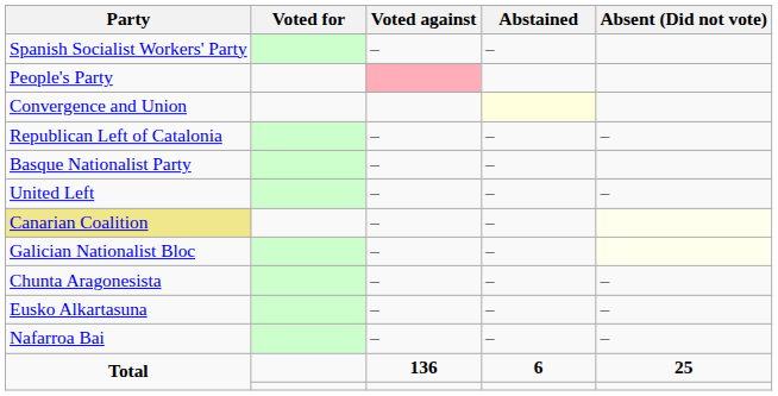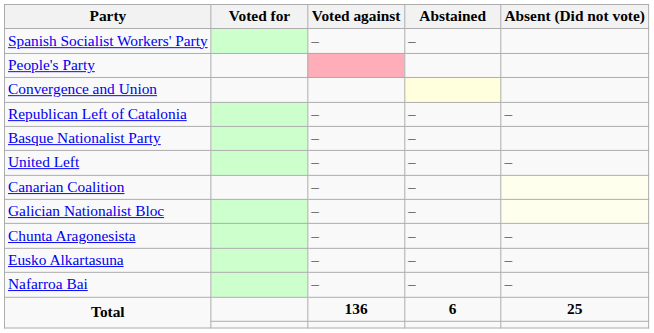 <table class="wikitable">
 <tr>
 <th>Party</th>
 <th style="width:15%;">Voted for</th>
 <th style="width:15%;">Voted against</th>
 <th style="width:15%;">Abstained</th>
 <th>Absent (Did not vote)</th>
 </tr>
 <tr>
 <td> <a href='#'>Spanish Socialist Workers' Party</a></td>
 <td style="background-color:#CCFFCC;"></td>
 <td>–</td>
 <td>–</td>
 <td></td>
 </tr>
 <tr>
 <td> <a href='#'>People's Party</a></td>
 <td></td>
 <td style="background-color:#FFAEB9;"></td>
 <td></td>
 <td></td>
 </tr>
 <tr>
 <td> <a href='#'>Convergence and Union</a></td>
 <td></td>
 <td></td>
 <td style="background-color:#FFD;"></td>
 <td></td>
 </tr>
 <tr>
 <td> <a href='#'>Republican Left of Catalonia</a></td>
 <td style="background-color:#CCFFCC;"></td>
 <td>–</td>
 <td>–</td>
 <td>–</td>
 </tr>
 <tr>
 <td> <a href='#'>Basque Nationalist Party</a></td>
 <td style="background-color:#CCFFCC;"></td>
 <td>–</td>
 <td>–</td>
 <td></td>
 </tr>
 <tr>
 <td> <a href='#'>United Left</a></td>
 <td style="background-color:#CCFFCC;"></td>
 <td>–</td>
 <td>–</td>
 <td>–</td>
 </tr>
 <tr>
-<td style="background: khaki;"> <a href='#'>Canarian Coalition</a></td>
+<td> <a href='#'>Canarian Coalition</a></td>
 <td></td>
 <td>–</td>
 <td>–</td>
 <td style="background-color:#FFE;"></td>
 </tr>
 <tr>
 <td> <a href='#'>Galician Nationalist Bloc</a></td>
 <td style="background-color:#CCFFCC;"></td>
 <td>–</td>
 <td>–</td>
 <td style="background-color:#FFE;"></td>
 </tr>
 <tr>
 <td> <a href='#'>Chunta Aragonesista</a></td>
 <td style="background-color:#CCFFCC;"></td>
 <td>–</td>
 <td>–</td>
 <td>–</td>
 </tr>
 <tr>
 <td> <a href='#'>Eusko Alkartasuna</a></td>
 <td style="background-color:#CCFFCC;"></td>
 <td>–</td>
 <td>–</td>
 <td>–</td>
 </tr>
 <tr>
 <td> <a href='#'>Nafarroa Bai</a></td>
 <td style="background-color:#CCFFCC;"></td>
 <td>–</td>
 <td>–</td>
 <td>–</td>
 </tr>
 <tr>
 <td style="text-align:center;" rowspan="2"><strong>Total</strong></td>
 <td></td>
 <td style="text-align:center;"><strong>136</strong></td>
 <td style="text-align:center;"><strong>6</strong></td>
 <td style="text-align:center;"><strong>25</strong></td>
 </tr>
 <tr>
 <td style="text-align:center;"></td>
 <td style="text-align:center;"></td>
 <td style="text-align:center;"></td>
 <td style="text-align:center;"></td>
 </tr>
 </table>
